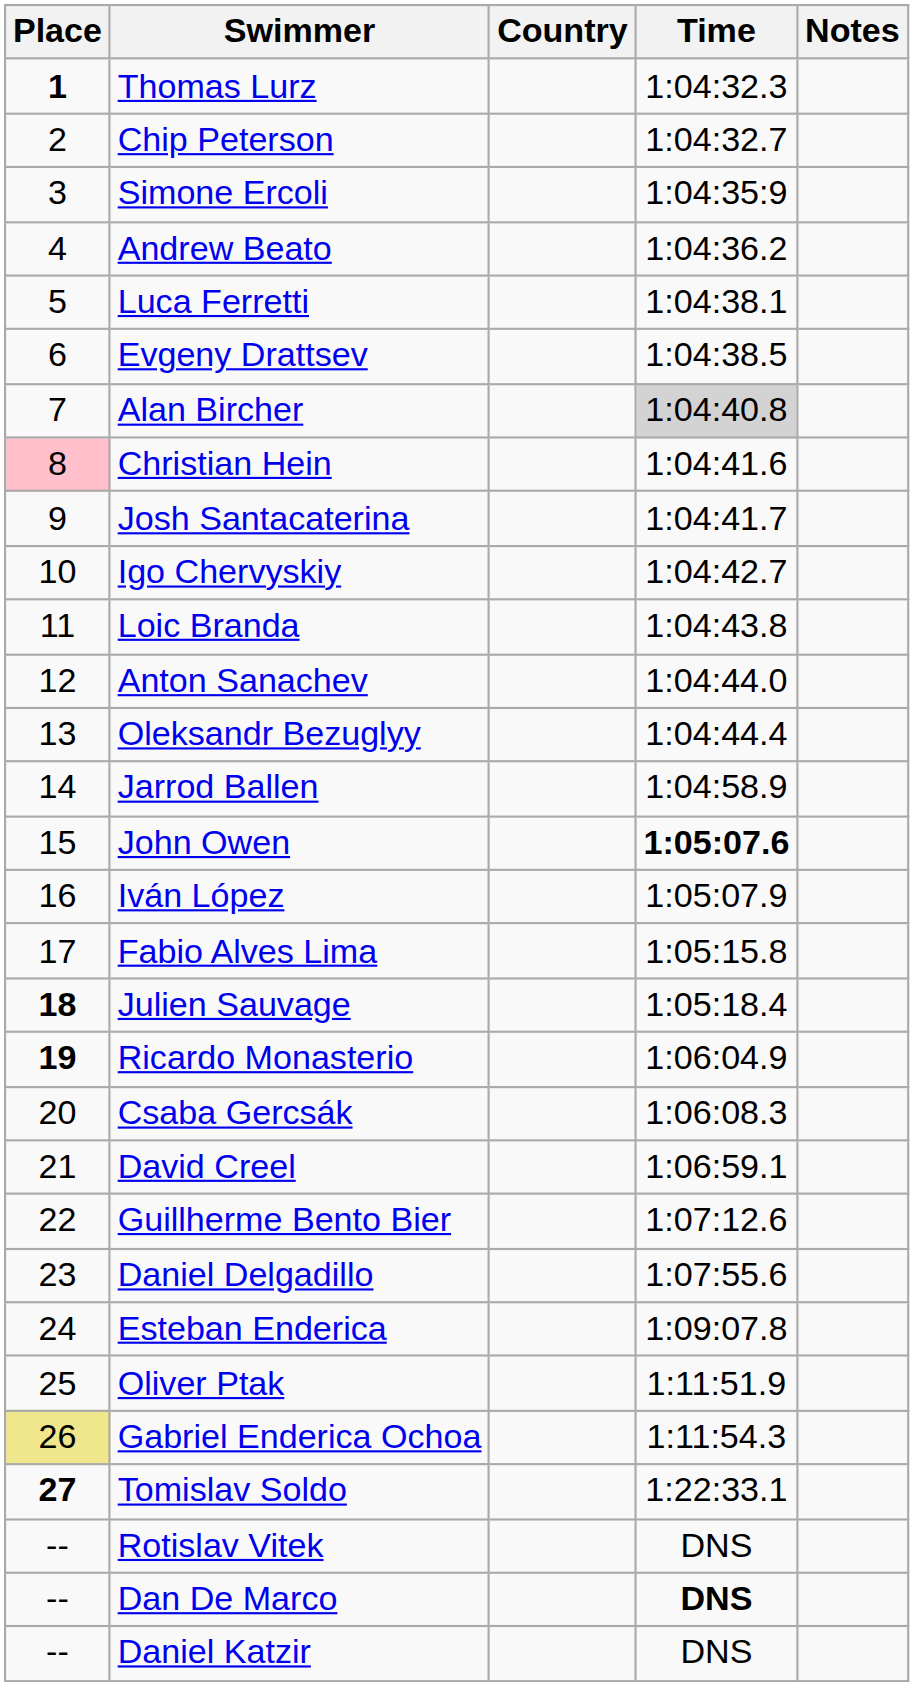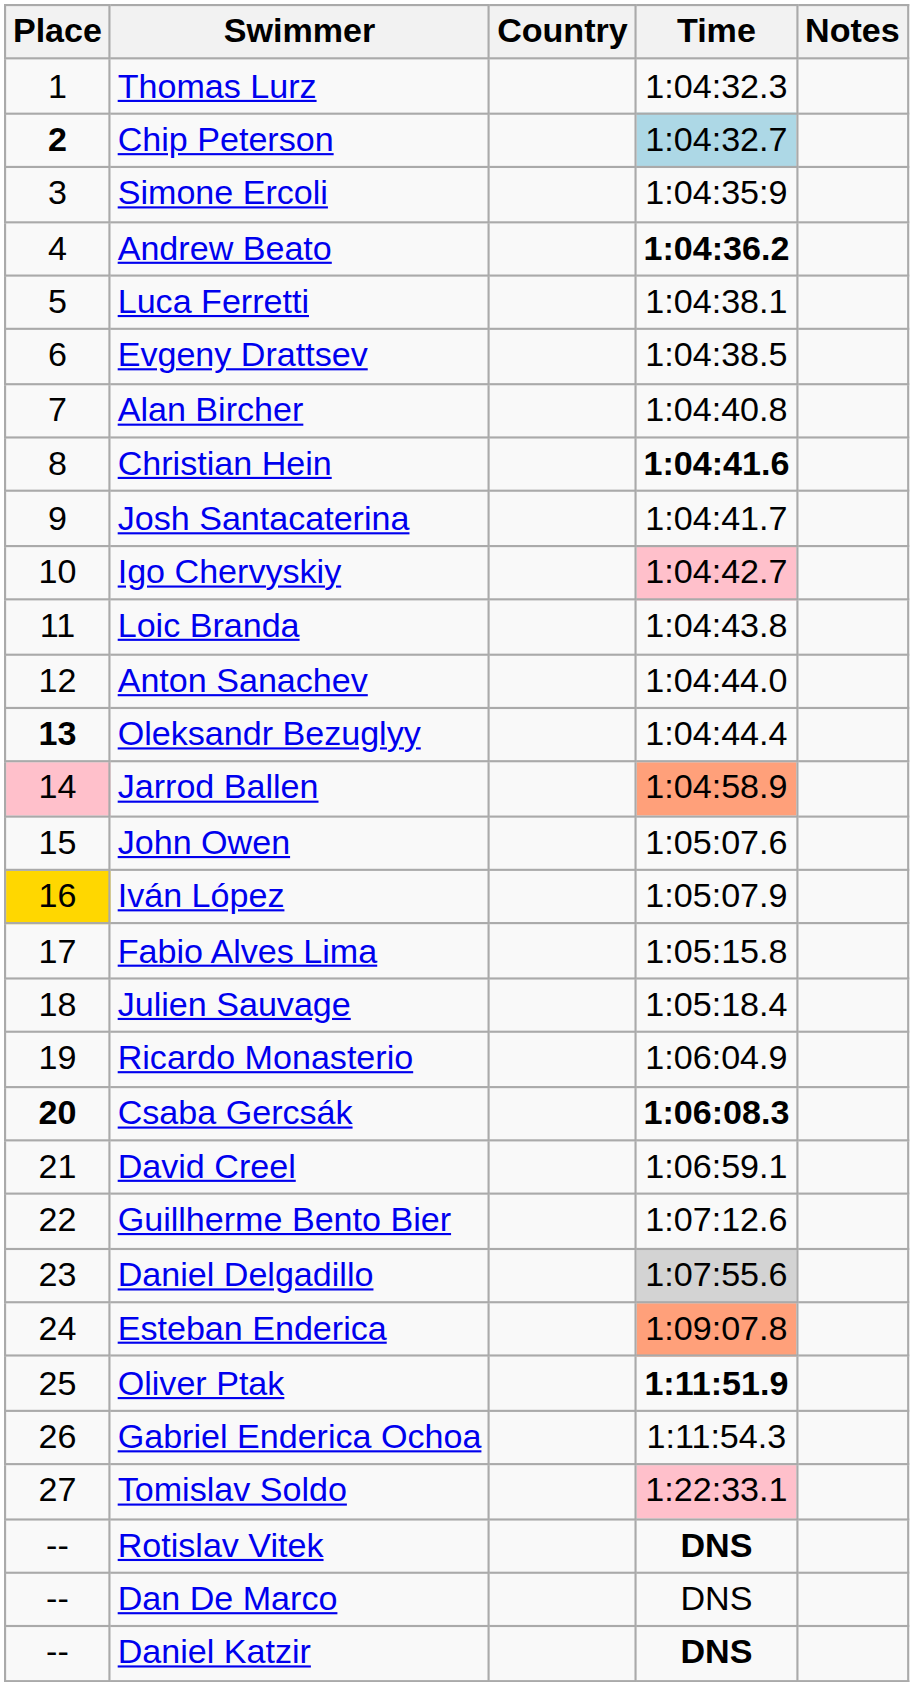 <table class="wikitable" style="text-align:center">
 <tr>
 <th>Place</th>
 <th>Swimmer</th>
 <th>Country</th>
 <th>Time</th>
 <th>Notes</th>
 </tr>
 <tr>
-<td><strong>1</strong></td>
+<td>1</td>
 <td align=left><a href='#'>Thomas Lurz</a></td>
 <td align=left></td>
 <td>1:04:32.3</td>
 <td></td>
 </tr>
 <tr>
-<td>2</td>
+<td><strong>2</strong></td>
 <td align=left><a href='#'>Chip Peterson</a></td>
 <td align=left></td>
-<td>1:04:32.7</td>
+<td style="background: lightblue;">1:04:32.7</td>
 <td></td>
 </tr>
 <tr>
 <td>3</td>
 <td align=left><a href='#'>Simone Ercoli</a></td>
 <td align=left></td>
 <td>1:04:35:9</td>
 <td></td>
 </tr>
 <tr>
 <td>4</td>
 <td align=left><a href='#'>Andrew Beato</a></td>
 <td align=left></td>
-<td>1:04:36.2</td>
+<td><strong>1:04:36.2</strong></td>
 <td></td>
 </tr>
 <tr>
 <td>5</td>
 <td align=left><a href='#'>Luca Ferretti</a></td>
 <td align=left></td>
 <td>1:04:38.1</td>
 <td></td>
 </tr>
 <tr>
 <td>6</td>
 <td align=left><a href='#'>Evgeny Drattsev</a></td>
 <td align=left></td>
 <td>1:04:38.5</td>
 <td></td>
 </tr>
 <tr>
 <td>7</td>
 <td align=left><a href='#'>Alan Bircher</a></td>
 <td align=left></td>
-<td style="background: lightgrey;">1:04:40.8</td>
+<td>1:04:40.8</td>
 <td></td>
 </tr>
 <tr>
-<td style="background: pink;">8</td>
+<td>8</td>
 <td align=left><a href='#'>Christian Hein</a></td>
 <td align=left></td>
-<td>1:04:41.6</td>
+<td><strong>1:04:41.6</strong></td>
 <td></td>
 </tr>
 <tr>
 <td>9</td>
 <td align=left><a href='#'>Josh Santacaterina</a></td>
 <td align=left></td>
 <td>1:04:41.7</td>
 <td></td>
 </tr>
 <tr>
 <td>10</td>
 <td align=left><a href='#'>Igo Chervyskiy</a></td>
 <td align=left></td>
-<td>1:04:42.7</td>
+<td style="background: pink;">1:04:42.7</td>
 <td></td>
 </tr>
 <tr>
 <td>11</td>
 <td align=left><a href='#'>Loic Branda</a></td>
 <td align=left></td>
 <td>1:04:43.8</td>
 <td></td>
 </tr>
 <tr>
 <td>12</td>
 <td align=left><a href='#'>Anton Sanachev</a></td>
 <td align=left></td>
 <td>1:04:44.0</td>
 <td></td>
 </tr>
 <tr>
-<td>13</td>
+<td><strong>13</strong></td>
 <td align=left><a href='#'>Oleksandr Bezuglyy</a></td>
 <td align=left></td>
 <td>1:04:44.4</td>
 <td></td>
 </tr>
 <tr>
-<td>14</td>
+<td style="background: pink;">14</td>
 <td align=left><a href='#'>Jarrod Ballen</a></td>
 <td align=left></td>
-<td>1:04:58.9</td>
+<td style="background: lightsalmon;">1:04:58.9</td>
 <td></td>
 </tr>
 <tr>
 <td>15</td>
 <td align=left><a href='#'>John Owen</a></td>
 <td align=left></td>
-<td><strong>1:05:07.6</strong></td>
+<td>1:05:07.6</td>
 <td></td>
 </tr>
 <tr>
-<td>16</td>
+<td style="background: gold;">16</td>
 <td align=left><a href='#'>Iván López</a></td>
 <td align=left></td>
 <td>1:05:07.9</td>
 <td></td>
 </tr>
 <tr>
 <td>17</td>
 <td align=left><a href='#'>Fabio Alves Lima</a></td>
 <td align=left></td>
 <td>1:05:15.8</td>
 <td></td>
 </tr>
 <tr>
-<td><strong>18</strong></td>
+<td>18</td>
 <td align=left><a href='#'>Julien Sauvage</a></td>
 <td align=left></td>
 <td>1:05:18.4</td>
 <td></td>
 </tr>
 <tr>
-<td><strong>19</strong></td>
+<td>19</td>
 <td align=left><a href='#'>Ricardo Monasterio</a></td>
 <td align=left></td>
 <td>1:06:04.9</td>
 <td></td>
 </tr>
 <tr>
-<td>20</td>
+<td><strong>20</strong></td>
 <td align=left><a href='#'>Csaba Gercsák</a></td>
 <td align=left></td>
-<td>1:06:08.3</td>
+<td><strong>1:06:08.3</strong></td>
 <td></td>
 </tr>
 <tr>
 <td>21</td>
 <td align=left><a href='#'>David Creel</a></td>
 <td align=left></td>
 <td>1:06:59.1</td>
 <td></td>
 </tr>
 <tr>
 <td>22</td>
 <td align=left><a href='#'>Guillherme Bento Bier</a></td>
 <td align=left></td>
 <td>1:07:12.6</td>
 <td></td>
 </tr>
 <tr>
 <td>23</td>
 <td align=left><a href='#'>Daniel Delgadillo</a></td>
 <td align=left></td>
-<td>1:07:55.6</td>
+<td style="background: lightgrey;">1:07:55.6</td>
 <td></td>
 </tr>
 <tr>
 <td>24</td>
 <td align=left><a href='#'>Esteban Enderica</a></td>
 <td align=left></td>
-<td>1:09:07.8</td>
+<td style="background: lightsalmon;">1:09:07.8</td>
 <td></td>
 </tr>
 <tr>
 <td>25</td>
 <td align=left><a href='#'>Oliver Ptak</a></td>
 <td align=left></td>
-<td>1:11:51.9</td>
+<td><strong>1:11:51.9</strong></td>
 <td></td>
 </tr>
 <tr>
-<td style="background: khaki;">26</td>
+<td>26</td>
 <td align=left><a href='#'>Gabriel Enderica Ochoa</a></td>
 <td align=left></td>
 <td>1:11:54.3</td>
 <td></td>
 </tr>
 <tr>
-<td><strong>27</strong></td>
+<td>27</td>
 <td align=left><a href='#'>Tomislav Soldo</a></td>
 <td align=left></td>
-<td>1:22:33.1</td>
+<td style="background: pink;">1:22:33.1</td>
 <td></td>
 </tr>
 <tr>
 <td>--</td>
 <td align=left><a href='#'>Rotislav Vitek</a></td>
 <td align=left></td>
-<td>DNS</td>
+<td><strong>DNS</strong></td>
 <td></td>
 </tr>
 <tr>
 <td>--</td>
 <td align=left><a href='#'>Dan De Marco</a></td>
 <td align=left></td>
-<td><strong>DNS</strong></td>
+<td>DNS</td>
 <td></td>
 </tr>
 <tr>
 <td>--</td>
 <td align=left><a href='#'>Daniel Katzir</a></td>
 <td align=left></td>
-<td>DNS</td>
+<td><strong>DNS</strong></td>
 <td></td>
 </tr>
 <tr>
 </tr>
 </table>
